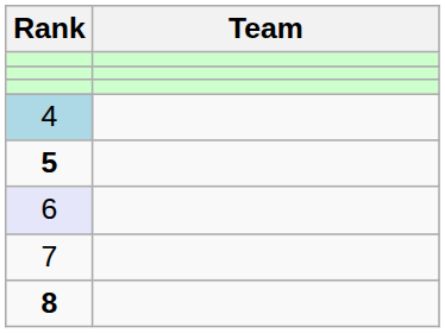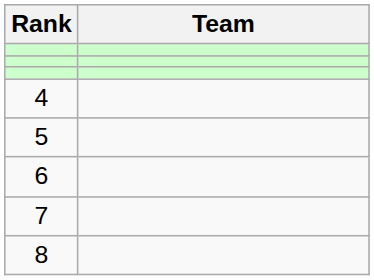 <table class="wikitable" style="text-align: center;">
 <tr>
 <th width=40>Rank</th>
 <th width=180>Team</th>
 </tr>
 <tr bgcolor=#CCFFCC>
 <td></td>
 <td style="text-align:left;"></td>
 </tr>
 <tr bgcolor=#CCFFCC>
 <td></td>
 <td style="text-align:left;"></td>
 </tr>
 <tr bgcolor=#CCFFCC>
 <td></td>
 <td style="text-align:left;"></td>
 </tr>
 <tr>
-<td style="background: lightblue;">4</td>
+<td>4</td>
 <td style="text-align:left;"></td>
 </tr>
 <tr>
-<td><strong>5</strong></td>
+<td>5</td>
 <td style="text-align:left;"></td>
 </tr>
 <tr>
-<td style="background: lavender;">6</td>
+<td>6</td>
 <td style="text-align:left;"></td>
 </tr>
 <tr>
 <td>7</td>
 <td style="text-align:left;"></td>
 </tr>
 <tr>
-<td><strong>8</strong></td>
+<td>8</td>
 <td style="text-align:left;"></td>
 </tr>
 </table>
